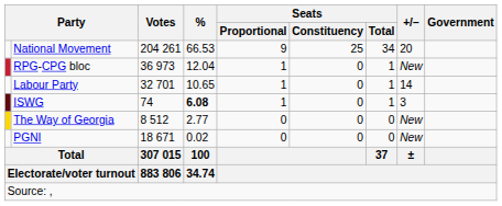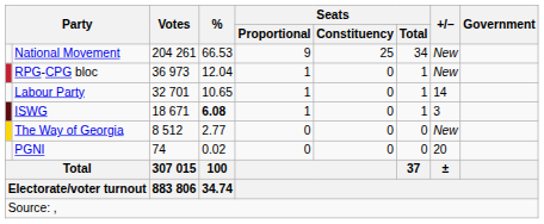 <table class="wikitable">
 <tr>
 <th colspan="2" rowspan="2">Party</th>
 <th scope="col" rowspan="2">Votes</th>
 <th scope="col" rowspan="2">%</th>
 <th scope="col" colspan="3">Seats</th>
 <th scope="col" rowspan="2">+/–</th>
 <th colspan="2" rowspan="2">Government</th>
 </tr>
 <tr>
 <th>Proportional</th>
 <th>Constituency</th>
 <th>Total</th>
 </tr>
 <tr>
 <td style="background:"></td>
 <td align=left><a href='#'>National Movement</a></td>
 <td>204 261</td>
 <td>66.53</td>
 <td align=right>9</td>
 <td align=right>25</td>
 <td align=right>34</td>
-<td> 20</td>
+<td><em>New</em></td>
 <td></td>
 </tr>
 <tr>
 <td style="background:#C51F33"></td>
 <td align=left><a href='#'>RPG</a>-<a href='#'>CPG</a> bloc</td>
 <td>36 973</td>
 <td>12.04</td>
 <td align=right>1</td>
 <td align=right>0</td>
 <td align=right>1</td>
 <td><em>New</em></td>
 <td></td>
 </tr>
 <tr>
 <td style="background:"></td>
 <td align=left><a href='#'>Labour Party</a></td>
 <td>32 701</td>
 <td>10.65</td>
 <td align=right>1</td>
 <td align=right>0</td>
 <td align=right>1</td>
 <td> 14</td>
 <td></td>
 </tr>
 <tr>
 <td style="background:#5e0b10"></td>
 <td align=left><a href='#'>ISWG</a></td>
-<td>74</td>
+<td>18 671</td>
 <td><strong>6.08</strong></td>
 <td align=right>1</td>
 <td align=right>0</td>
 <td align=right>1</td>
 <td> 3</td>
 <td></td>
 </tr>
 <tr>
 <td style="background:gold"></td>
 <td align=left><a href='#'>The Way of Georgia</a></td>
 <td>8 512</td>
 <td>2.77</td>
 <td align=right>0</td>
 <td align=right>0</td>
 <td align=right>0</td>
 <td><em>New</em></td>
 <td></td>
 </tr>
 <tr>
 <td style="background:"></td>
 <td align=left><a href='#'>PGNI</a></td>
-<td>18 671</td>
+<td>74</td>
 <td>0.02</td>
 <td align=right>0</td>
 <td align=right>0</td>
 <td align=right>0</td>
-<td><em>New</em></td>
+<td> 20</td>
 <td></td>
 </tr>
 <tr>
 <th colspan="2">Total</th>
 <th>307 015</th>
 <th>100</th>
 <th colspan="2"></th>
 <th>37</th>
 <th>±</th>
 <th></th>
 </tr>
 <tr>
 <th colspan=2>Electorate/voter turnout</th>
 <th>883 806</th>
 <th>34.74</th>
 <th colspan=5></th>
 </tr>
 <tr>
 <td colspan=9>Source: , </td>
 </tr>
 </table>
